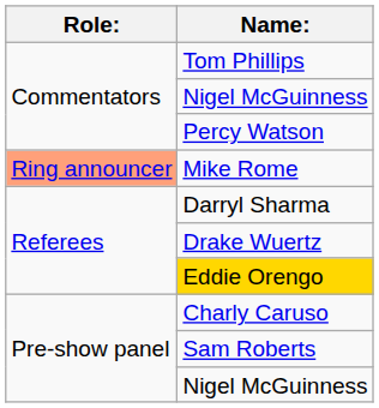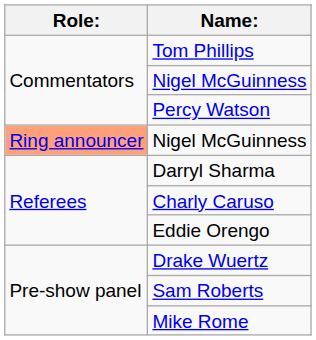 <table class=wikitable style="font-size:90%; margin: 0.5em 0 0.5em 1em; float: right; clear: right;">
 <tr>
 <th>Role:</th>
 <th>Name:</th>
 </tr>
 <tr>
 <td rowspan=3>Commentators</td>
 <td><a href='#'>Tom Phillips</a></td>
 </tr>
 <tr>
 <td><a href='#'>Nigel McGuinness</a></td>
 </tr>
 <tr>
 <td><a href='#'>Percy Watson</a></td>
 </tr>
 <tr>
 <td rowspan=1 style="background: lightsalmon;"><a href='#'>Ring announcer</a></td>
-<td><a href='#'>Mike Rome</a></td>
+<td>Nigel McGuinness</td>
 </tr>
 <tr>
 <td rowspan=3><a href='#'>Referees</a></td>
 <td>Darryl Sharma</td>
 </tr>
 <tr>
-<td><a href='#'>Drake Wuertz</a></td>
+<td><a href='#'>Charly Caruso</a></td>
 </tr>
 <tr>
-<td style="background: gold;">Eddie Orengo</td>
+<td>Eddie Orengo</td>
 </tr>
 <tr>
 <td rowspan=3>Pre-show panel</td>
-<td><a href='#'>Charly Caruso</a></td>
+<td><a href='#'>Drake Wuertz</a></td>
 </tr>
 <tr>
 <td><a href='#'>Sam Roberts</a></td>
 </tr>
 <tr>
-<td>Nigel McGuinness</td>
+<td><a href='#'>Mike Rome</a></td>
 </tr>
 </table>
